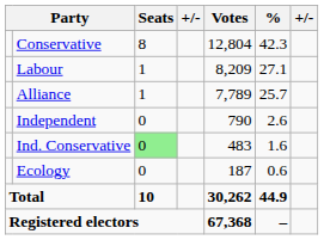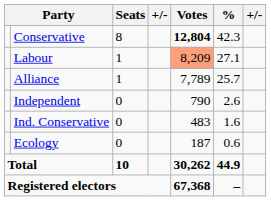 <table class="wikitable sortable">
 <tr>
 <th colspan="2">Party</th>
 <th>Seats</th>
 <th>+/-</th>
 <th>Votes</th>
 <th>%</th>
 <th>+/-</th>
 </tr>
 <tr>
 <td style="background-color: "></td>
 <td><a href='#'>Conservative</a></td>
 <td>8</td>
 <td></td>
-<td style="text-align:right;">12,804</td>
+<td style="text-align:right;"><strong>12,804</strong></td>
 <td style="text-align:right;">42.3</td>
 <td style="text-align:right;"></td>
 </tr>
 <tr>
 <td style="background-color: "></td>
 <td><a href='#'>Labour</a></td>
 <td>1</td>
 <td></td>
-<td style="text-align:right;">8,209</td>
+<td style="background: lightsalmon; text-align:right;">8,209</td>
 <td style="text-align:right;">27.1</td>
 <td style="text-align:right;"></td>
 </tr>
 <tr>
 <td style="background-color: "></td>
 <td><a href='#'>Alliance</a></td>
 <td>1</td>
 <td></td>
 <td style="text-align:right;">7,789</td>
 <td style="text-align:right;">25.7</td>
 <td style="text-align:right;"></td>
 </tr>
 <tr>
 <td style="background-color: "></td>
 <td><a href='#'>Independent</a></td>
 <td>0</td>
 <td></td>
 <td style="text-align:right;">790</td>
 <td style="text-align:right;">2.6</td>
 <td style="text-align:right;"></td>
 </tr>
 <tr>
 <td style="background-color: "></td>
 <td><a href='#'>Ind. Conservative</a></td>
-<td style="background: lightgreen;">0</td>
+<td>0</td>
 <td></td>
 <td style="text-align:right;">483</td>
 <td style="text-align:right;">1.6</td>
 <td style="text-align:right;"></td>
 </tr>
 <tr>
 <td style="background-color: "></td>
 <td><a href='#'>Ecology</a></td>
 <td>0</td>
 <td></td>
 <td style="text-align:right;">187</td>
 <td style="text-align:right;">0.6</td>
 <td style="text-align:right;"></td>
 </tr>
 <tr>
 <td colspan="2"><strong>Total</strong></td>
 <td><strong>10</strong></td>
 <td></td>
 <td style="text-align:right;"><strong>30,262</strong></td>
 <td style="text-align:right;"><strong>44.9</strong></td>
 <td style="text-align:right;"></td>
 </tr>
 <tr>
 <td colspan="4"><strong>Registered electors</strong></td>
 <td style="text-align:right;"><strong>67,368</strong></td>
 <td style="text-align:right;"><strong>–</strong></td>
 <td style="text-align:right;"></td>
 </tr>
 </table>
